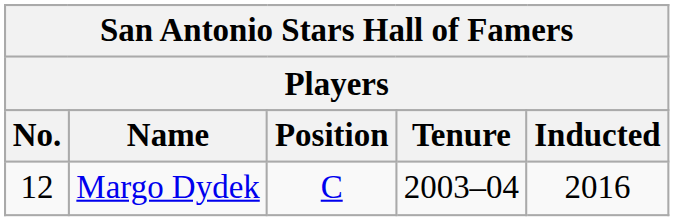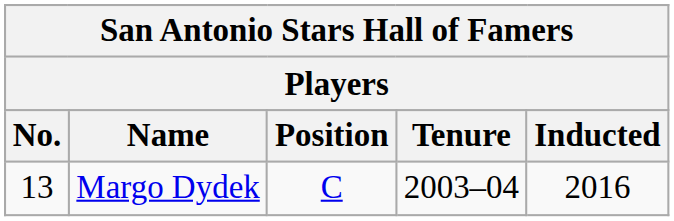 <table class="wikitable" style="text-align:center">
 <tr>
 <th colspan="5">San Antonio Stars Hall of Famers</th>
 </tr>
 <tr>
 <th colspan="5">Players</th>
 </tr>
 <tr>
 <th>No.</th>
 <th>Name</th>
 <th>Position</th>
 <th>Tenure</th>
 <th>Inducted</th>
 </tr>
 <tr>
-<td>12</td>
+<td>13</td>
 <td><a href='#'>Margo Dydek</a></td>
 <td><a href='#'>C</a></td>
 <td>2003–04</td>
 <td>2016</td>
 </tr>
 </table>
